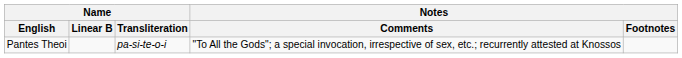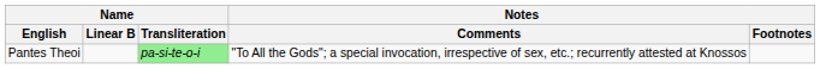 <table class="wikitable">
 <tr>
 <th colspan="3">Name</th>
 <th colspan="2">Notes</th>
 </tr>
 <tr>
 <th>English</th>
 <th>Linear B</th>
 <th>Transliteration</th>
 <th>Comments</th>
 <th>Footnotes</th>
 </tr>
 <tr>
 <td>Pantes Theoi</td>
 <td></td>
-<td><em>pa-si-te-o-i</em></td>
+<td style="background: lightgreen;"><em>pa-si-te-o-i</em></td>
 <td>"To All the Gods"; a special invocation, irrespective of sex, etc.; recurrently attested at Knossos</td>
 <td></td>
 </tr>
 </table>
